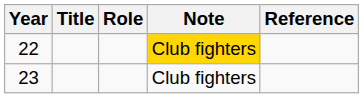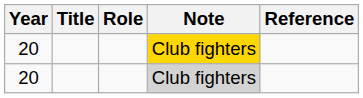 <table class="wikitable">
 <tr>
 <th>Year</th>
 <th>Title</th>
 <th>Role</th>
 <th>Note</th>
 <th>Reference</th>
 </tr>
 <tr>
-<td align="center">22</td>
+<td align="center">20</td>
 <td align="center"><em> </em></td>
 <td align="center"></td>
 <td align="center" style="background: gold;">Club fighters</td>
 <td align="center"></td>
 </tr>
 <tr>
-<td align="center">23</td>
+<td align="center">20</td>
 <td align="center"><em> </em></td>
 <td align="center"></td>
-<td align = "center">Club fighters</td>
+<td align = "center" style="background: lightgrey;">Club fighters</td>
 <td align="center"></td>
 </tr>
 </table>
